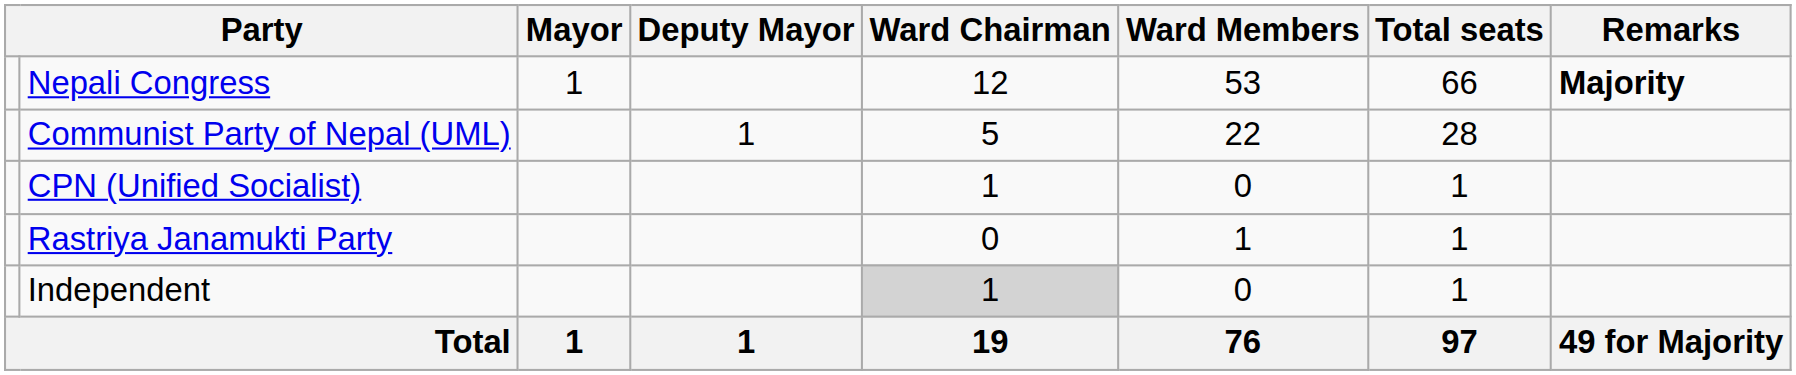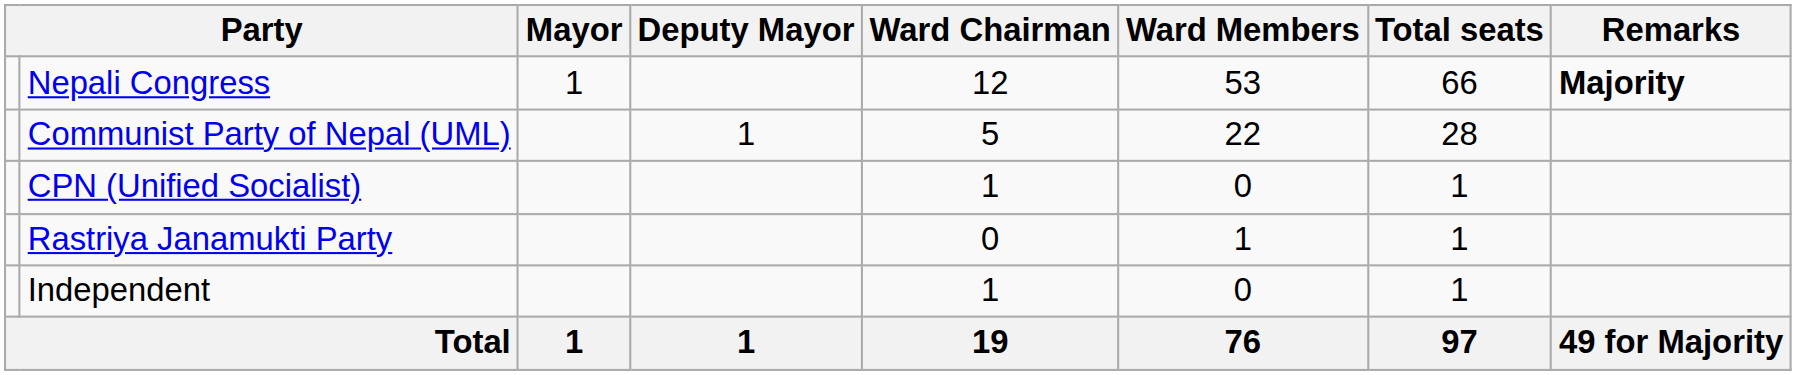 <table class="wikitable sortable">
 <tr>
 <th colspan="2" style="text-align:centre;">Party</th>
 <th>Mayor</th>
 <th>Deputy Mayor</th>
 <th>Ward Chairman</th>
 <th>Ward Members</th>
 <th>Total seats</th>
 <th>Remarks</th>
 </tr>
 <tr>
 <td style="background-color:"></td>
 <td style="text-align:left;"><a href='#'>Nepali Congress</a></td>
 <td style="text-align:center;">1</td>
 <td style="text-align:center;"></td>
 <td style="text-align:center;">12</td>
 <td style="text-align:center;">53</td>
 <td style="text-align:center;">66</td>
 <td><strong>Majority</strong></td>
 </tr>
 <tr>
 <td style="background-color:"></td>
 <td style="text-align:left;"><a href='#'>Communist Party of Nepal (UML)</a></td>
 <td></td>
 <td style="text-align:center;">1</td>
 <td style="text-align:center;">5</td>
 <td style="text-align:center;">22</td>
 <td style="text-align:center;">28</td>
 <td></td>
 </tr>
 <tr>
 <td style="background-color:"></td>
 <td><a href='#'>CPN (Unified Socialist)</a></td>
 <td></td>
 <td style="text-align:center;"></td>
 <td style="text-align:center;">1</td>
 <td style="text-align:center;">0</td>
 <td style="text-align:center;">1</td>
 <td></td>
 </tr>
 <tr>
 <td style="background-color:"></td>
 <td style="text-align:left;"><a href='#'>Rastriya Janamukti Party</a></td>
 <td style="text-align:center;"></td>
 <td></td>
 <td style="text-align:center;">0</td>
 <td style="text-align:center;">1</td>
 <td style="text-align:center;">1</td>
 <td></td>
 </tr>
 <tr>
 <td style="background-color:"></td>
 <td style="text-align:left;">Independent</td>
 <td></td>
 <td style="text-align:center;"></td>
-<td style="background: lightgrey; text-align:center;">1</td>
+<td style="text-align:center;">1</td>
 <td style="text-align:center;">0</td>
 <td style="text-align:center;">1</td>
 <td></td>
 </tr>
 <tr>
 <th colspan="2" style="text-align:right;">Total</th>
 <th>1</th>
 <th>1</th>
 <th>19</th>
 <th>76</th>
 <th>97</th>
 <th>49 for Majority</th>
 </tr>
 </table>
